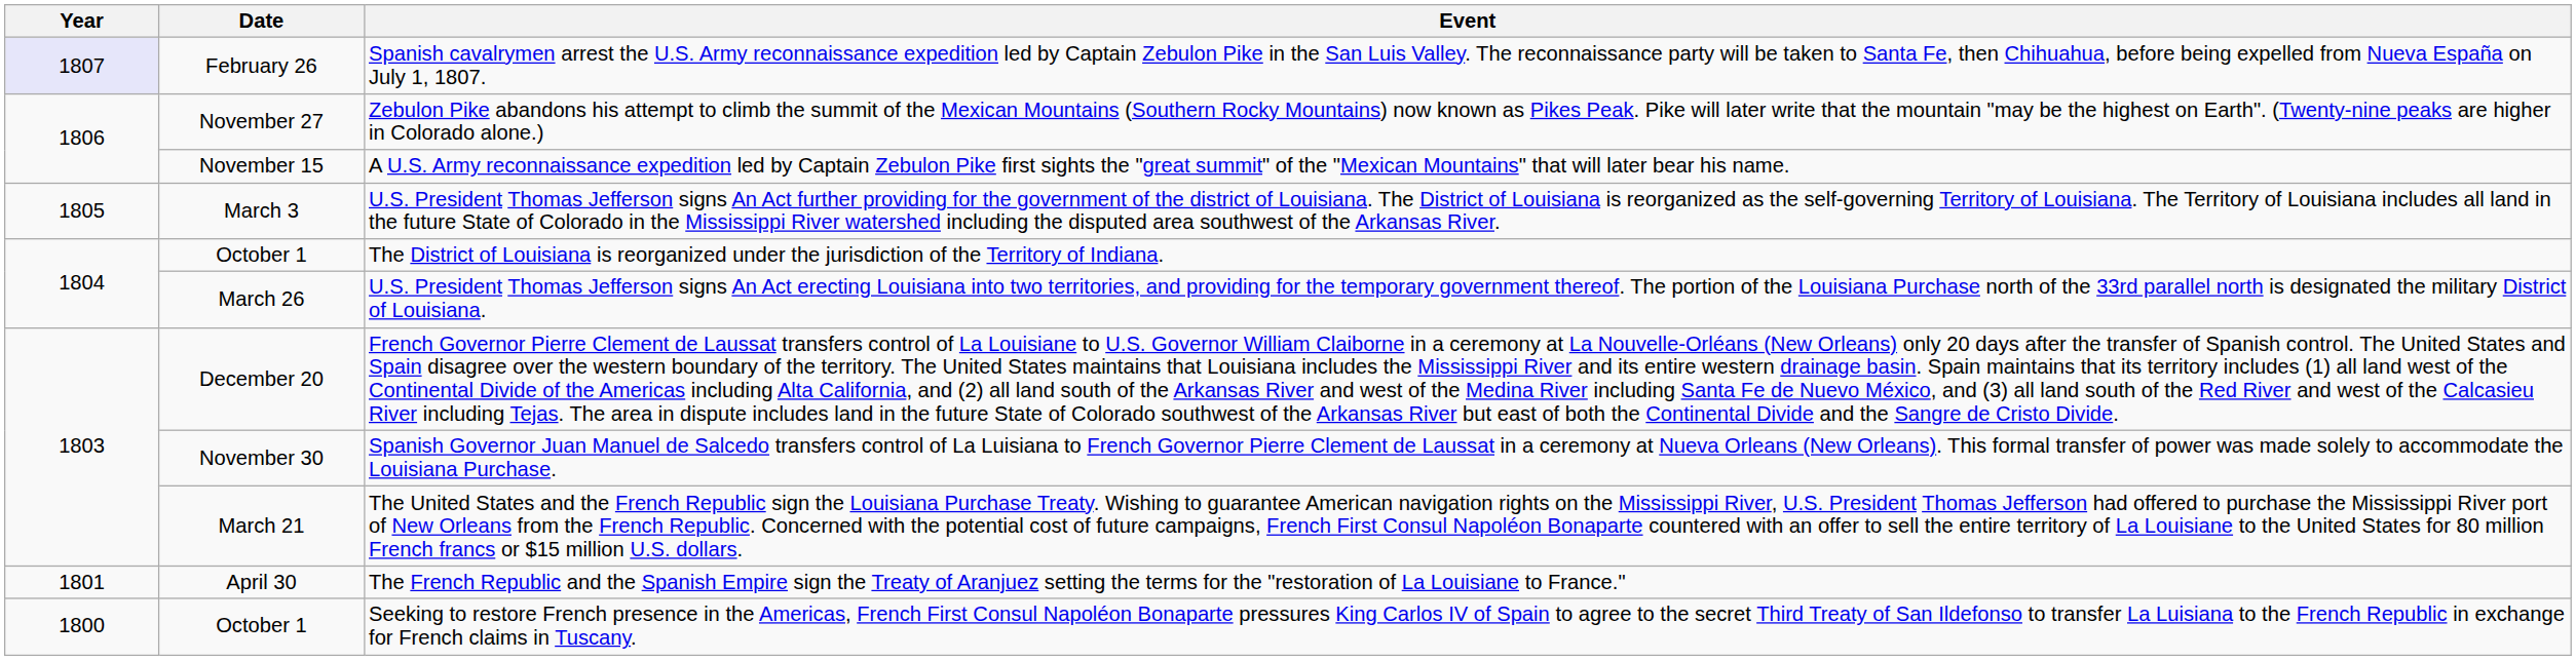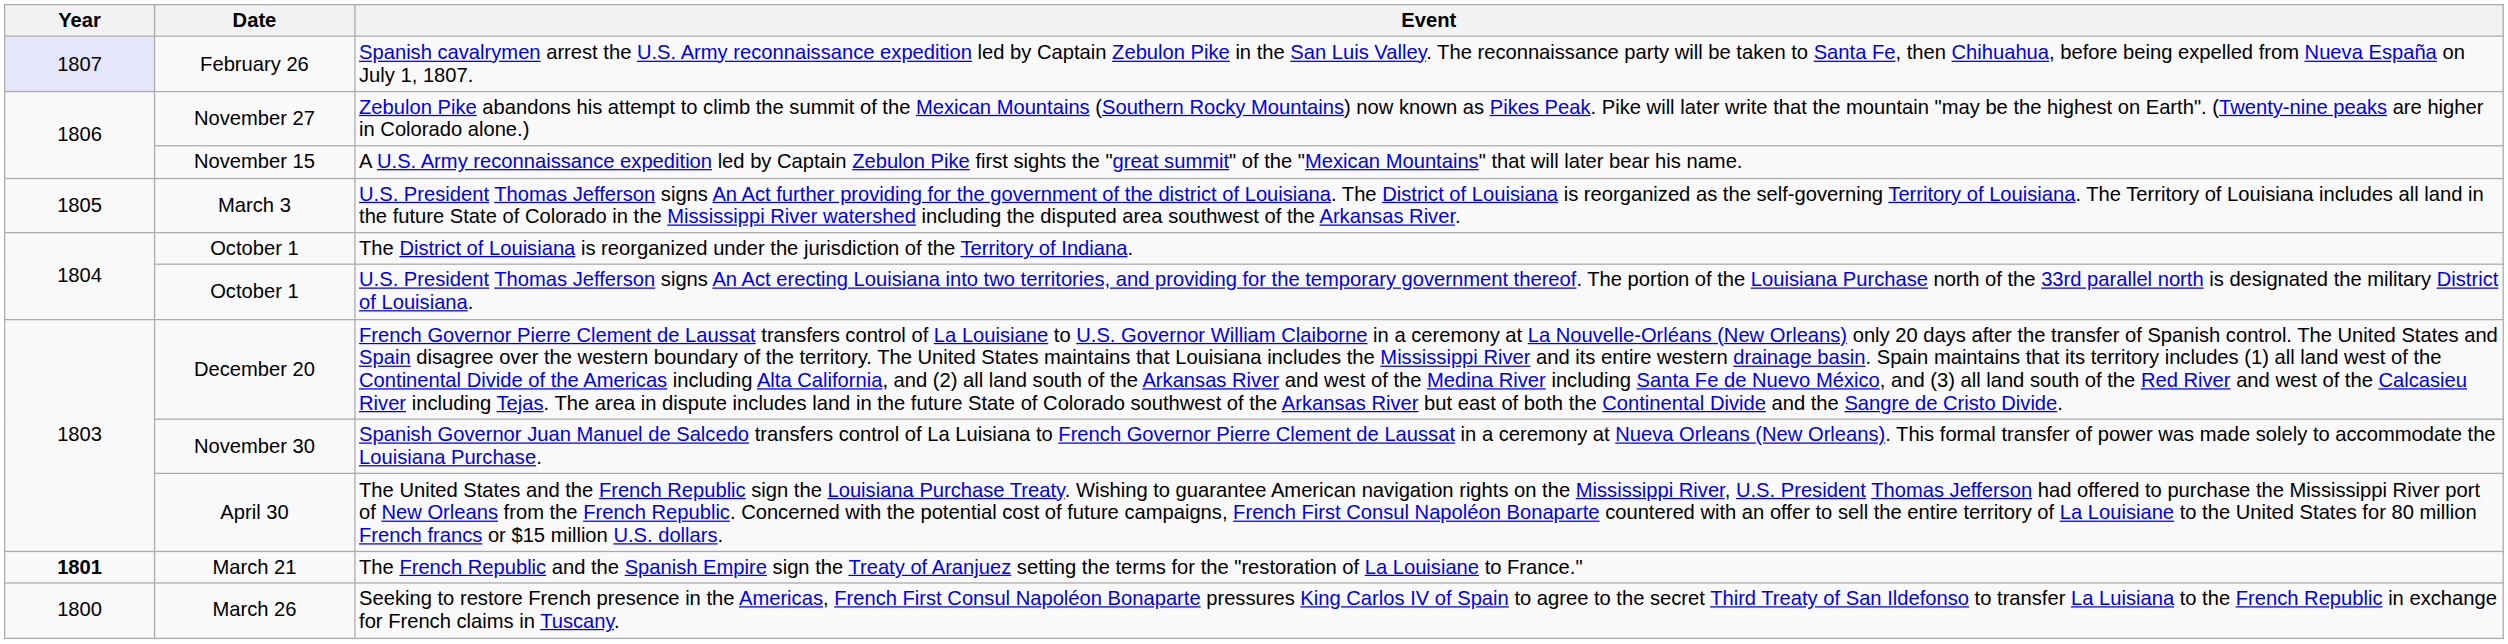 <table class="wikitable" style="width:100%;">
 <tr>
 <th style="width:6%">Year</th>
 <th style="width:8%">Date</th>
 <th style="width:86%">Event</th>
 </tr>
 <tr>
 <td align=center rowspan=1 style="background: lavender;">1807</td>
 <td align=center>February 26</td>
 <td><a href='#'>Spanish cavalrymen</a> arrest the <a href='#'>U.S. Army reconnaissance expedition</a> led by Captain <a href='#'>Zebulon Pike</a> in the <a href='#'>San Luis Valley</a>. The reconnaissance party will be taken to <a href='#'>Santa Fe</a>, then <a href='#'>Chihuahua</a>, before being expelled from <a href='#'>Nueva España</a> on July 1, 1807.</td>
 </tr>
 <tr>
 <td align=center rowspan=2>1806</td>
 <td align=center>November 27</td>
 <td><a href='#'>Zebulon Pike</a> abandons his attempt to climb the summit of the <a href='#'>Mexican Mountains</a> (<a href='#'>Southern Rocky Mountains</a>) now known as <a href='#'>Pikes Peak</a>. Pike will later write that the mountain "may be the highest on Earth". (<a href='#'>Twenty-nine peaks</a> are higher in Colorado alone.)</td>
 </tr>
 <tr>
 <td align=center>November 15</td>
 <td>A <a href='#'>U.S. Army reconnaissance expedition</a> led by Captain <a href='#'>Zebulon Pike</a> first sights the "<a href='#'>great summit</a>" of the "<a href='#'>Mexican Mountains</a>" that will later bear his name.</td>
 </tr>
 <tr>
 <td align=center rowspan=1>1805</td>
 <td align=center>March 3</td>
 <td><a href='#'>U.S. President</a> <a href='#'>Thomas Jefferson</a> signs <a href='#'>An Act further providing for the government of the district of Louisiana</a>. The <a href='#'>District of Louisiana</a> is reorganized as the self-governing <a href='#'>Territory of Louisiana</a>. The Territory of Louisiana includes all land in the future State of Colorado in the <a href='#'>Mississippi River watershed</a> including the disputed area southwest of the <a href='#'>Arkansas River</a>.</td>
 </tr>
 <tr>
 <td align=center rowspan=2>1804</td>
 <td align=center>October 1</td>
 <td>The <a href='#'>District of Louisiana</a> is reorganized under the jurisdiction of the <a href='#'>Territory of Indiana</a>.</td>
 </tr>
 <tr>
-<td align=center>March 26</td>
+<td align=center>October 1</td>
 <td><a href='#'>U.S. President</a> <a href='#'>Thomas Jefferson</a> signs <a href='#'>An Act erecting Louisiana into two territories, and providing for the temporary government thereof</a>. The portion of the <a href='#'>Louisiana Purchase</a> north of the <a href='#'>33rd parallel north</a> is designated the military <a href='#'>District of Louisiana</a>.</td>
 </tr>
 <tr>
 <td align=center rowspan=3>1803</td>
 <td align=center>December 20</td>
 <td><a href='#'>French Governor Pierre Clement de Laussat</a> transfers control of <a href='#'>La Louisiane</a> to <a href='#'>U.S. Governor William Claiborne</a> in a ceremony at <a href='#'>La Nouvelle-Orléans (New Orleans)</a> only 20 days after the transfer of Spanish control. The United States and <a href='#'>Spain</a> disagree over the western boundary of the territory. The United States maintains that Louisiana includes the <a href='#'>Mississippi River</a> and its entire western <a href='#'>drainage basin</a>. Spain maintains that its territory includes (1) all land west of the <a href='#'>Continental Divide of the Americas</a> including <a href='#'>Alta California</a>, and (2) all land south of the <a href='#'>Arkansas River</a> and west of the <a href='#'>Medina River</a> including <a href='#'>Santa Fe de Nuevo México</a>, and (3) all land south of the <a href='#'>Red River</a> and west of the <a href='#'>Calcasieu River</a> including <a href='#'>Tejas</a>. The area in dispute includes land in the future State of Colorado southwest of the <a href='#'>Arkansas River</a> but east of both the <a href='#'>Continental Divide</a> and the <a href='#'>Sangre de Cristo Divide</a>.</td>
 </tr>
 <tr>
 <td align=center>November 30</td>
 <td><a href='#'>Spanish Governor Juan Manuel de Salcedo</a> transfers control of La Luisiana to <a href='#'>French Governor Pierre Clement de Laussat</a> in a ceremony at <a href='#'>Nueva Orleans (New Orleans)</a>. This formal transfer of power was made solely to accommodate the <a href='#'>Louisiana Purchase</a>.</td>
 </tr>
 <tr>
-<td align=center>March 21</td>
+<td align=center>April 30</td>
 <td>The United States and the <a href='#'>French Republic</a> sign the <a href='#'>Louisiana Purchase Treaty</a>. Wishing to guarantee American navigation rights on the <a href='#'>Mississippi River</a>, <a href='#'>U.S. President</a> <a href='#'>Thomas Jefferson</a> had offered to purchase the Mississippi River port of <a href='#'>New Orleans</a> from the <a href='#'>French Republic</a>. Concerned with the potential cost of future campaigns, <a href='#'>French First Consul Napoléon Bonaparte</a> countered with an offer to sell the entire territory of <a href='#'>La Louisiane</a> to the United States for 80 million <a href='#'>French francs</a> or $15 million <a href='#'>U.S. dollars</a>.</td>
 </tr>
 <tr>
-<td align=center rowspan=1>1801</td>
-<td align=center>April 30</td>
+<td align=center rowspan=1><strong>1801</strong></td>
+<td align=center>March 21</td>
 <td>The <a href='#'>French Republic</a> and the <a href='#'>Spanish Empire</a> sign the <a href='#'>Treaty of Aranjuez</a> setting the terms for the "restoration of <a href='#'>La Louisiane</a> to France."</td>
 </tr>
 <tr>
 <td align=center rowspan=1>1800</td>
-<td align=center>October 1</td>
+<td align=center>March 26</td>
 <td>Seeking to restore French presence in the <a href='#'>Americas</a>, <a href='#'>French First Consul Napoléon Bonaparte</a> pressures <a href='#'>King Carlos IV of Spain</a> to agree to the secret <a href='#'>Third Treaty of San Ildefonso</a> to transfer <a href='#'>La Luisiana</a> to the <a href='#'>French Republic</a> in exchange for French claims in <a href='#'>Tuscany</a>.</td>
 </tr>
 </table>
